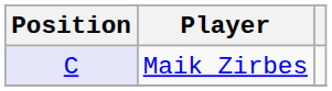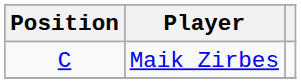 <table class="wikitable" style="text-align: center;">
 <tr>
 <th>Position</th>
 <th>Player</th>
 <th></th>
 </tr>
 <tr>
-<td style="background: lavender;"><a href='#'>C</a></td>
+<td><a href='#'>C</a></td>
 <td align="left"> <a href='#'>Maik Zirbes</a></td>
 <td></td>
 </tr>
 <tr>
 </tr>
 </table>
